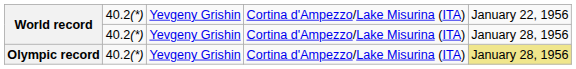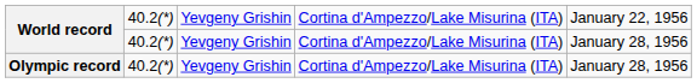 <table class="wikitable" style="font-size:95%;">
 <tr>
 <th rowspan=2>World record</th>
 <td>40.2<em>(*)</em></td>
 <td> <a href='#'>Yevgeny Grishin</a></td>
 <td><a href='#'>Cortina d'Ampezzo</a>/<a href='#'>Lake Misurina</a> (<a href='#'>ITA</a>)</td>
 <td>January 22, 1956</td>
 </tr>
 <tr>
 <td>40.2<em>(*)</em></td>
 <td> <a href='#'>Yevgeny Grishin</a></td>
 <td><a href='#'>Cortina d'Ampezzo</a>/<a href='#'>Lake Misurina</a> (<a href='#'>ITA</a>)</td>
 <td>January 28, 1956</td>
 </tr>
 <tr>
 <th>Olympic record</th>
 <td>40.2<em>(*)</em></td>
 <td> <a href='#'>Yevgeny Grishin</a></td>
 <td><a href='#'>Cortina d'Ampezzo</a>/<a href='#'>Lake Misurina</a> (<a href='#'>ITA</a>)</td>
-<td style="background: khaki;">January 28, 1956</td>
+<td>January 28, 1956</td>
 </tr>
 </table>
